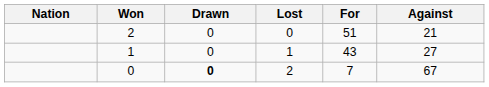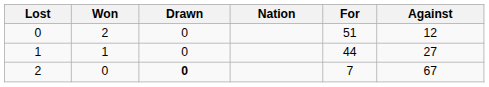 <table class="wikitable" style="width:50%;text-align:center">
 <tr>
-<th>Nation</th>
+<th>Lost</th>
 <th>Won</th>
 <th>Drawn</th>
-<th>Lost</th>
+<th>Nation</th>
 <th>For</th>
 <th>Against</th>
 </tr>
 <tr>
-<td align=left></td>
+<td>0</td>
 <td>2</td>
 <td>0</td>
-<td>0</td>
+<td align=left></td>
 <td>51</td>
-<td>21</td>
+<td>12</td>
 </tr>
 <tr>
-<td align=left></td>
+<td>1</td>
 <td>1</td>
 <td>0</td>
-<td>1</td>
-<td>43</td>
+<td align=left></td>
+<td>44</td>
 <td>27</td>
 </tr>
 <tr>
-<td align=left></td>
+<td>2</td>
 <td>0</td>
 <td><strong>0</strong></td>
-<td>2</td>
+<td align=left></td>
 <td>7</td>
 <td>67</td>
 </tr>
 </table>
